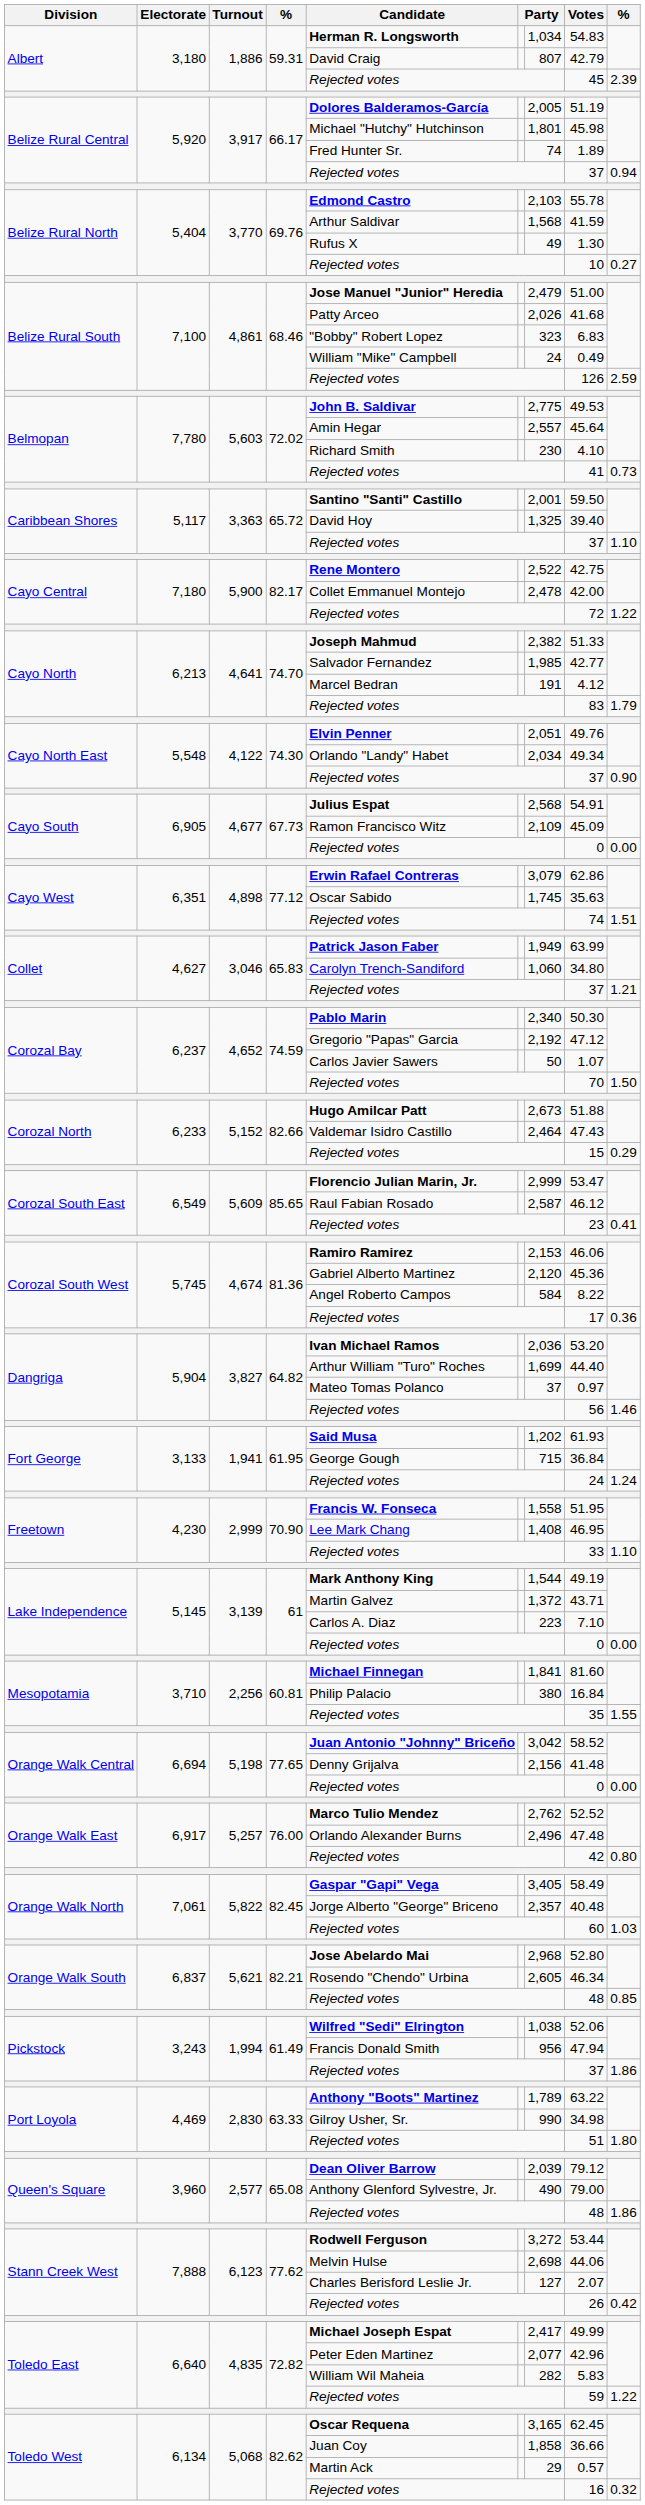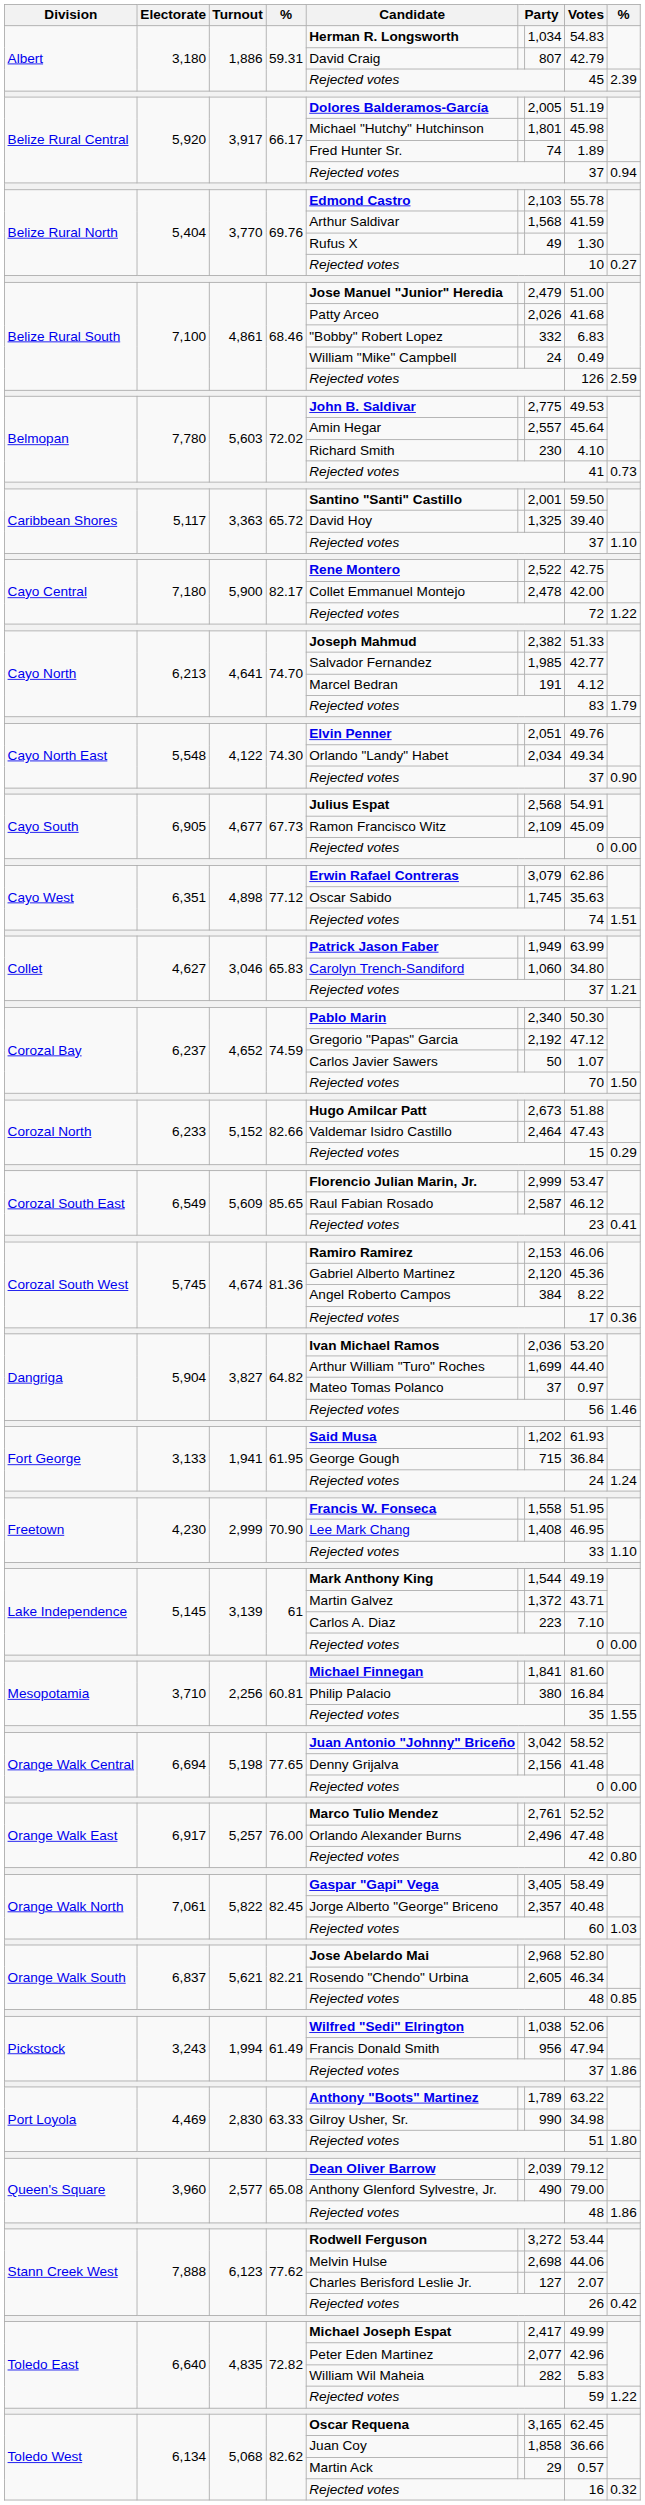 <table class=wikitable>
 <tr>
 <th>Division</th>
 <th>Electorate</th>
 <th>Turnout</th>
 <th>%</th>
 <th>Candidate</th>
 <th colspan=2>Party</th>
 <th>Votes</th>
 <th>%</th>
 </tr>
 <tr>
 <td rowspan=3><a href='#'>Albert</a></td>
 <td rowspan=3 align=right>3,180</td>
 <td rowspan=3 align=right>1,886</td>
 <td rowspan=3 align=right>59.31</td>
 <td><strong>Herman R. Longsworth</strong></td>
 <td></td>
 <td align=right>1,034</td>
 <td align=right>54.83</td>
 </tr>
 <tr>
 <td>David Craig</td>
 <td></td>
 <td align=right>807</td>
 <td align=right>42.79</td>
 </tr>
 <tr>
 <td colspan=3><em>Rejected votes</em></td>
 <td align=right>45</td>
 <td align=right>2.39</td>
 </tr>
 <tr>
 <th colspan=9></th>
 </tr>
 <tr>
 <td rowspan=4><a href='#'>Belize Rural Central</a></td>
 <td rowspan=4 align=right>5,920</td>
 <td rowspan=4 align=right>3,917</td>
 <td rowspan=4 align=right>66.17</td>
 <td><strong><a href='#'>Dolores Balderamos-García</a></strong></td>
 <td></td>
 <td align=right>2,005</td>
 <td align=right>51.19</td>
 </tr>
 <tr>
 <td>Michael "Hutchy" Hutchinson</td>
 <td></td>
 <td align=right>1,801</td>
 <td align=right>45.98</td>
 </tr>
 <tr>
 <td>Fred Hunter Sr.</td>
 <td></td>
 <td align=right>74</td>
 <td align=right>1.89</td>
 </tr>
 <tr>
 <td colspan=3><em>Rejected votes</em></td>
 <td align=right>37</td>
 <td align=right>0.94</td>
 </tr>
 <tr>
 <th colspan=9></th>
 </tr>
 <tr>
 <td rowspan=4><a href='#'>Belize Rural North</a></td>
 <td rowspan=4 align=right>5,404</td>
 <td rowspan=4 align=right>3,770</td>
 <td rowspan=4 align=right>69.76</td>
 <td><strong><a href='#'>Edmond Castro</a></strong></td>
 <td></td>
 <td align=right>2,103</td>
 <td align=right>55.78</td>
 </tr>
 <tr>
 <td>Arthur Saldivar</td>
 <td></td>
 <td align=right>1,568</td>
 <td align=right>41.59</td>
 </tr>
 <tr>
 <td>Rufus X</td>
 <td></td>
 <td align=right>49</td>
 <td align=right>1.30</td>
 </tr>
 <tr>
 <td colspan=3><em>Rejected votes</em></td>
 <td align=right>10</td>
 <td align=right>0.27</td>
 </tr>
 <tr>
 <th colspan=9></th>
 </tr>
 <tr>
 <td rowspan=5><a href='#'>Belize Rural South</a></td>
 <td rowspan=5 align=right>7,100</td>
 <td rowspan=5 align=right>4,861</td>
 <td rowspan=5 align=right>68.46</td>
 <td><strong>Jose Manuel "Junior" Heredia</strong></td>
 <td></td>
 <td align=right>2,479</td>
 <td align=right>51.00</td>
 </tr>
 <tr>
 <td>Patty Arceo</td>
 <td></td>
 <td align=right>2,026</td>
 <td align=right>41.68</td>
 </tr>
 <tr>
 <td>"Bobby" Robert Lopez</td>
 <td></td>
-<td align=right>323</td>
+<td align=right>332</td>
 <td align=right>6.83</td>
 </tr>
 <tr>
 <td>William "Mike" Campbell</td>
 <td></td>
 <td align=right>24</td>
 <td align=right>0.49</td>
 </tr>
 <tr>
 <td colspan=3><em>Rejected votes</em></td>
 <td align=right>126</td>
 <td align=right>2.59</td>
 </tr>
 <tr>
 <th colspan=9></th>
 </tr>
 <tr>
 <td rowspan=4><a href='#'>Belmopan</a></td>
 <td rowspan=4 align=right>7,780</td>
 <td rowspan=4 align=right>5,603</td>
 <td rowspan=4 align=right>72.02</td>
 <td><strong><a href='#'>John B. Saldivar</a></strong></td>
 <td></td>
 <td align=right>2,775</td>
 <td align=right>49.53</td>
 </tr>
 <tr>
 <td>Amin Hegar</td>
 <td></td>
 <td align=right>2,557</td>
 <td align=right>45.64</td>
 </tr>
 <tr>
 <td>Richard Smith</td>
 <td></td>
 <td align=right>230</td>
 <td align=right>4.10</td>
 </tr>
 <tr>
 <td colspan=3><em>Rejected votes</em></td>
 <td align=right>41</td>
 <td align=right>0.73</td>
 </tr>
 <tr>
 <th colspan=9></th>
 </tr>
 <tr>
 <td rowspan=3><a href='#'>Caribbean Shores</a></td>
 <td rowspan=3 align=right>5,117</td>
 <td rowspan=3 align=right>3,363</td>
 <td rowspan=3 align=right>65.72</td>
 <td><strong>Santino "Santi" Castillo</strong></td>
 <td></td>
 <td align=right>2,001</td>
 <td align=right>59.50</td>
 </tr>
 <tr>
 <td>David Hoy</td>
 <td></td>
 <td align=right>1,325</td>
 <td align=right>39.40</td>
 </tr>
 <tr>
 <td colspan=3><em>Rejected votes</em></td>
 <td align=right>37</td>
 <td align=right>1.10</td>
 </tr>
 <tr>
 <th colspan=9></th>
 </tr>
 <tr>
 <td rowspan=3><a href='#'>Cayo Central</a></td>
 <td rowspan=3 align=right>7,180</td>
 <td rowspan=3 align=right>5,900</td>
 <td rowspan=3 align=right>82.17</td>
 <td><strong><a href='#'>Rene Montero</a></strong></td>
 <td></td>
 <td align=right>2,522</td>
 <td align=right>42.75</td>
 </tr>
 <tr>
 <td>Collet Emmanuel Montejo</td>
 <td></td>
 <td align=right>2,478</td>
 <td align=right>42.00</td>
 </tr>
 <tr>
 <td colspan=3><em>Rejected votes</em></td>
 <td align=right>72</td>
 <td align=right>1.22</td>
 </tr>
 <tr>
 <th colspan=9></th>
 </tr>
 <tr>
 <td rowspan=4><a href='#'>Cayo North</a></td>
 <td rowspan=4 align=right>6,213</td>
 <td rowspan=4 align=right>4,641</td>
 <td rowspan=4 align=right>74.70</td>
 <td><strong>Joseph Mahmud</strong></td>
 <td></td>
 <td align=right>2,382</td>
 <td align=right>51.33</td>
 </tr>
 <tr>
 <td>Salvador Fernandez</td>
 <td></td>
 <td align=right>1,985</td>
 <td align=right>42.77</td>
 </tr>
 <tr>
 <td>Marcel Bedran</td>
 <td></td>
 <td align=right>191</td>
 <td align=right>4.12</td>
 </tr>
 <tr>
 <td colspan=3><em>Rejected votes</em></td>
 <td align=right>83</td>
 <td align=right>1.79</td>
 </tr>
 <tr>
 <th colspan=9></th>
 </tr>
 <tr>
 <td rowspan=3><a href='#'>Cayo North East</a></td>
 <td rowspan=3 align=right>5,548</td>
 <td rowspan=3 align=right>4,122</td>
 <td rowspan=3 align=right>74.30</td>
 <td><strong><a href='#'>Elvin Penner</a></strong></td>
 <td></td>
 <td align=right>2,051</td>
 <td align=right>49.76</td>
 </tr>
 <tr>
 <td>Orlando "Landy" Habet</td>
 <td></td>
 <td align=right>2,034</td>
 <td align=right>49.34</td>
 </tr>
 <tr>
 <td colspan=3><em>Rejected votes</em></td>
 <td align=right>37</td>
 <td align=right>0.90</td>
 </tr>
 <tr>
 <th colspan=9></th>
 </tr>
 <tr>
 <td rowspan=3><a href='#'>Cayo South</a></td>
 <td rowspan=3 align=right>6,905</td>
 <td rowspan=3 align=right>4,677</td>
 <td rowspan=3 align=right>67.73</td>
 <td><strong>Julius Espat</strong></td>
 <td></td>
 <td align=right>2,568</td>
 <td align=right>54.91</td>
 </tr>
 <tr>
 <td>Ramon Francisco Witz</td>
 <td></td>
 <td align=right>2,109</td>
 <td align=right>45.09</td>
 </tr>
 <tr>
 <td colspan=3><em>Rejected votes</em></td>
 <td align=right>0</td>
 <td align=right>0.00</td>
 </tr>
 <tr>
 <th colspan=9></th>
 </tr>
 <tr>
 <td rowspan=3><a href='#'>Cayo West</a></td>
 <td rowspan=3 align=right>6,351</td>
 <td rowspan=3 align=right>4,898</td>
 <td rowspan=3 align=right>77.12</td>
 <td><strong><a href='#'>Erwin Rafael Contreras</a></strong></td>
 <td></td>
 <td align=right>3,079</td>
 <td align=right>62.86</td>
 </tr>
 <tr>
 <td>Oscar Sabido</td>
 <td></td>
 <td align=right>1,745</td>
 <td align=right>35.63</td>
 </tr>
 <tr>
 <td colspan=3><em>Rejected votes</em></td>
 <td align=right>74</td>
 <td align=right>1.51</td>
 </tr>
 <tr>
 <th colspan=9></th>
 </tr>
 <tr>
 <td rowspan=3><a href='#'>Collet</a></td>
 <td rowspan=3 align=right>4,627</td>
 <td rowspan=3 align=right>3,046</td>
 <td rowspan=3 align=right>65.83</td>
 <td><strong><a href='#'>Patrick Jason Faber</a></strong></td>
 <td></td>
 <td align=right>1,949</td>
 <td align=right>63.99</td>
 </tr>
 <tr>
 <td><a href='#'>Carolyn Trench-Sandiford</a></td>
 <td></td>
 <td align=right>1,060</td>
 <td align=right>34.80</td>
 </tr>
 <tr>
 <td colspan=3><em>Rejected votes</em></td>
 <td align=right>37</td>
 <td align=right>1.21</td>
 </tr>
 <tr>
 <th colspan=9></th>
 </tr>
 <tr>
 <td rowspan=4><a href='#'>Corozal Bay</a></td>
 <td rowspan=4 align=right>6,237</td>
 <td rowspan=4 align=right>4,652</td>
 <td rowspan=4 align=right>74.59</td>
 <td><strong><a href='#'>Pablo Marin</a></strong></td>
 <td></td>
 <td align=right>2,340</td>
 <td align=right>50.30</td>
 </tr>
 <tr>
 <td>Gregorio "Papas" Garcia</td>
 <td></td>
 <td align=right>2,192</td>
 <td align=right>47.12</td>
 </tr>
 <tr>
 <td>Carlos Javier Sawers</td>
 <td></td>
 <td align=right>50</td>
 <td align=right>1.07</td>
 </tr>
 <tr>
 <td colspan=3><em>Rejected votes</em></td>
 <td align=right>70</td>
 <td align=right>1.50</td>
 </tr>
 <tr>
 <th colspan=9></th>
 </tr>
 <tr>
 <td rowspan=3><a href='#'>Corozal North</a></td>
 <td rowspan=3 align=right>6,233</td>
 <td rowspan=3 align=right>5,152</td>
 <td rowspan=3 align=right>82.66</td>
 <td><strong>Hugo Amilcar Patt</strong></td>
 <td></td>
 <td align=right>2,673</td>
 <td align=right>51.88</td>
 </tr>
 <tr>
 <td>Valdemar Isidro Castillo</td>
 <td></td>
 <td align=right>2,464</td>
 <td align=right>47.43</td>
 </tr>
 <tr>
 <td colspan=3><em>Rejected votes</em></td>
 <td align=right>15</td>
 <td align=right>0.29</td>
 </tr>
 <tr>
 <th colspan=9></th>
 </tr>
 <tr>
 <td rowspan=3><a href='#'>Corozal South East</a></td>
 <td rowspan=3 align=right>6,549</td>
 <td rowspan=3 align=right>5,609</td>
 <td rowspan=3 align=right>85.65</td>
 <td><strong>Florencio Julian Marin, Jr.</strong></td>
 <td></td>
 <td align=right>2,999</td>
 <td align=right>53.47</td>
 </tr>
 <tr>
 <td>Raul Fabian Rosado</td>
 <td></td>
 <td align=right>2,587</td>
 <td align=right>46.12</td>
 </tr>
 <tr>
 <td colspan=3><em>Rejected votes</em></td>
 <td align=right>23</td>
 <td align=right>0.41</td>
 </tr>
 <tr>
 <th colspan=9></th>
 </tr>
 <tr>
 <td rowspan=4><a href='#'>Corozal South West</a></td>
 <td rowspan=4 align=right>5,745</td>
 <td rowspan=4 align=right>4,674</td>
 <td rowspan=4 align=right>81.36</td>
 <td><strong>Ramiro Ramirez</strong></td>
 <td></td>
 <td align=right>2,153</td>
 <td align=right>46.06</td>
 </tr>
 <tr>
 <td>Gabriel Alberto Martinez</td>
 <td></td>
 <td align=right>2,120</td>
 <td align=right>45.36</td>
 </tr>
 <tr>
 <td>Angel Roberto Campos</td>
 <td></td>
-<td align=right>584</td>
+<td align=right>384</td>
 <td align=right>8.22</td>
 </tr>
 <tr>
 <td colspan=3><em>Rejected votes</em></td>
 <td align=right>17</td>
 <td align=right>0.36</td>
 </tr>
 <tr>
 <th colspan=9></th>
 </tr>
 <tr>
 <td rowspan=4><a href='#'>Dangriga</a></td>
 <td rowspan=4 align=right>5,904</td>
 <td rowspan=4 align=right>3,827</td>
 <td rowspan=4 align=right>64.82</td>
 <td><strong>Ivan Michael Ramos</strong></td>
 <td></td>
 <td align=right>2,036</td>
 <td align=right>53.20</td>
 </tr>
 <tr>
 <td>Arthur William "Turo" Roches</td>
 <td></td>
 <td align=right>1,699</td>
 <td align=right>44.40</td>
 </tr>
 <tr>
 <td>Mateo Tomas Polanco</td>
 <td></td>
 <td align=right>37</td>
 <td align=right>0.97</td>
 </tr>
 <tr>
 <td colspan=3><em>Rejected votes</em></td>
 <td align=right>56</td>
 <td align=right>1.46</td>
 </tr>
 <tr>
 <th colspan=9></th>
 </tr>
 <tr>
 <td rowspan=3><a href='#'>Fort George</a></td>
 <td rowspan=3 align=right>3,133</td>
 <td rowspan=3 align=right>1,941</td>
 <td rowspan=3 align=right>61.95</td>
 <td><strong><a href='#'>Said Musa</a></strong></td>
 <td></td>
 <td align=right>1,202</td>
 <td align=right>61.93</td>
 </tr>
 <tr>
 <td>George Gough</td>
 <td></td>
 <td align=right>715</td>
 <td align=right>36.84</td>
 </tr>
 <tr>
 <td colspan=3><em>Rejected votes</em></td>
 <td align=right>24</td>
 <td align=right>1.24</td>
 </tr>
 <tr>
 <th colspan=9></th>
 </tr>
 <tr>
 <td rowspan=3><a href='#'>Freetown</a></td>
 <td rowspan=3 align=right>4,230</td>
 <td rowspan=3 align=right>2,999</td>
 <td rowspan=3 align=right>70.90</td>
 <td><strong><a href='#'>Francis W. Fonseca</a></strong></td>
 <td></td>
 <td align=right>1,558</td>
 <td align=right>51.95</td>
 </tr>
 <tr>
 <td><a href='#'>Lee Mark Chang</a></td>
 <td></td>
 <td align=right>1,408</td>
 <td align=right>46.95</td>
 </tr>
 <tr>
 <td colspan=3><em>Rejected votes</em></td>
 <td align=right>33</td>
 <td align=right>1.10</td>
 </tr>
 <tr>
 <th colspan=9></th>
 </tr>
 <tr>
 <td rowspan=4><a href='#'>Lake Independence</a></td>
 <td rowspan=4 align=right>5,145</td>
 <td rowspan=4 align=right>3,139</td>
 <td rowspan=4 align=right>61</td>
 <td><strong>Mark Anthony King</strong></td>
 <td></td>
 <td align=right>1,544</td>
 <td align=right>49.19</td>
 </tr>
 <tr>
 <td>Martin Galvez</td>
 <td></td>
 <td align=right>1,372</td>
 <td align=right>43.71</td>
 </tr>
 <tr>
 <td>Carlos A. Diaz</td>
 <td></td>
 <td align=right>223</td>
 <td align=right>7.10</td>
 </tr>
 <tr>
 <td colspan=3><em>Rejected votes</em></td>
 <td align=right>0</td>
 <td align=right>0.00</td>
 </tr>
 <tr>
 <th colspan=9></th>
 </tr>
 <tr>
 <td rowspan=3><a href='#'>Mesopotamia</a></td>
 <td rowspan=3 align=right>3,710</td>
 <td rowspan=3 align=right>2,256</td>
 <td rowspan=3 align=right>60.81</td>
 <td><strong><a href='#'>Michael Finnegan</a></strong></td>
 <td></td>
 <td align=right>1,841</td>
 <td align=right>81.60</td>
 </tr>
 <tr>
 <td>Philip Palacio</td>
 <td></td>
 <td align=right>380</td>
 <td align=right>16.84</td>
 </tr>
 <tr>
 <td colspan=3><em>Rejected votes</em></td>
 <td align=right>35</td>
 <td align=right>1.55</td>
 </tr>
 <tr>
 <th colspan=9></th>
 </tr>
 <tr>
 <td rowspan=3><a href='#'>Orange Walk Central</a></td>
 <td rowspan=3 align=right>6,694</td>
 <td rowspan=3 align=right>5,198</td>
 <td rowspan=3 align=right>77.65</td>
 <td><strong><a href='#'>Juan Antonio "Johnny" Briceño</a></strong></td>
 <td></td>
 <td align=right>3,042</td>
 <td align=right>58.52</td>
 </tr>
 <tr>
 <td>Denny Grijalva</td>
 <td></td>
 <td align=right>2,156</td>
 <td align=right>41.48</td>
 </tr>
 <tr>
 <td colspan=3><em>Rejected votes</em></td>
 <td align=right>0</td>
 <td align=right>0.00</td>
 </tr>
 <tr>
 <th colspan=9></th>
 </tr>
 <tr>
 <td rowspan=3><a href='#'>Orange Walk East</a></td>
 <td rowspan=3 align=right>6,917</td>
 <td rowspan=3 align=right>5,257</td>
 <td rowspan=3 align=right>76.00</td>
 <td><strong>Marco Tulio Mendez</strong></td>
 <td></td>
-<td align=right>2,762</td>
+<td align=right>2,761</td>
 <td align=right>52.52</td>
 </tr>
 <tr>
 <td>Orlando Alexander Burns</td>
 <td></td>
 <td align=right>2,496</td>
 <td align=right>47.48</td>
 </tr>
 <tr>
 <td colspan=3><em>Rejected votes</em></td>
 <td align=right>42</td>
 <td align=right>0.80</td>
 </tr>
 <tr>
 <th colspan=9></th>
 </tr>
 <tr>
 <td rowspan=3><a href='#'>Orange Walk North</a></td>
 <td rowspan=3 align=right>7,061</td>
 <td rowspan=3 align=right>5,822</td>
 <td rowspan=3 align=right>82.45</td>
 <td><strong><a href='#'>Gaspar "Gapi" Vega</a></strong></td>
 <td></td>
 <td align=right>3,405</td>
 <td align=right>58.49</td>
 </tr>
 <tr>
 <td>Jorge Alberto "George" Briceno</td>
 <td></td>
 <td align=right>2,357</td>
 <td align=right>40.48</td>
 </tr>
 <tr>
 <td colspan=3><em>Rejected votes</em></td>
 <td align=right>60</td>
 <td align=right>1.03</td>
 </tr>
 <tr>
 <th colspan=9></th>
 </tr>
 <tr>
 <td rowspan=3><a href='#'>Orange Walk South</a></td>
 <td rowspan=3 align=right>6,837</td>
 <td rowspan=3 align=right>5,621</td>
 <td rowspan=3 align=right>82.21</td>
 <td><strong>Jose Abelardo Mai</strong></td>
 <td></td>
 <td align=right>2,968</td>
 <td align=right>52.80</td>
 </tr>
 <tr>
 <td>Rosendo "Chendo" Urbina</td>
 <td></td>
 <td align=right>2,605</td>
 <td align=right>46.34</td>
 </tr>
 <tr>
 <td colspan=3><em>Rejected votes</em></td>
 <td align=right>48</td>
 <td align=right>0.85</td>
 </tr>
 <tr>
 <th colspan=9></th>
 </tr>
 <tr>
 <td rowspan=3><a href='#'>Pickstock</a></td>
 <td rowspan=3 align=right>3,243</td>
 <td rowspan=3 align=right>1,994</td>
 <td rowspan=3 align=right>61.49</td>
 <td><strong><a href='#'>Wilfred "Sedi" Elrington</a></strong></td>
 <td></td>
 <td align=right>1,038</td>
 <td align=right>52.06</td>
 </tr>
 <tr>
 <td>Francis Donald Smith</td>
 <td></td>
 <td align=right>956</td>
 <td align=right>47.94</td>
 </tr>
 <tr>
 <td colspan=3><em>Rejected votes</em></td>
 <td align=right>37</td>
 <td align=right>1.86</td>
 </tr>
 <tr>
 <th colspan=9></th>
 </tr>
 <tr>
 <td rowspan=3><a href='#'>Port Loyola</a></td>
 <td rowspan=3 align=right>4,469</td>
 <td rowspan=3 align=right>2,830</td>
 <td rowspan=3 align=right>63.33</td>
 <td><strong><a href='#'>Anthony "Boots" Martinez</a></strong></td>
 <td></td>
 <td align=right>1,789</td>
 <td align=right>63.22</td>
 </tr>
 <tr>
 <td>Gilroy Usher, Sr.</td>
 <td></td>
 <td align=right>990</td>
 <td align=right>34.98</td>
 </tr>
 <tr>
 <td colspan=3><em>Rejected votes</em></td>
 <td align=right>51</td>
 <td align=right>1.80</td>
 </tr>
 <tr>
 <th colspan=9></th>
 </tr>
 <tr>
 <td rowspan=3><a href='#'>Queen's Square</a></td>
 <td rowspan=3 align=right>3,960</td>
 <td rowspan=3 align=right>2,577</td>
 <td rowspan=3 align=right>65.08</td>
 <td><strong><a href='#'>Dean Oliver Barrow</a></strong></td>
 <td></td>
 <td align=right>2,039</td>
 <td align=right>79.12</td>
 </tr>
 <tr>
 <td>Anthony Glenford Sylvestre, Jr.</td>
 <td></td>
 <td align=right>490</td>
 <td align=right>79.00</td>
 </tr>
 <tr>
 <td colspan=3><em>Rejected votes</em></td>
 <td align=right>48</td>
 <td align=right>1.86</td>
 </tr>
 <tr>
 <th colspan=9></th>
 </tr>
 <tr>
 <td rowspan=4><a href='#'>Stann Creek West</a></td>
 <td rowspan=4 align=right>7,888</td>
 <td rowspan=4 align=right>6,123</td>
 <td rowspan=4 align=right>77.62</td>
 <td><strong>Rodwell Ferguson</strong></td>
 <td></td>
 <td align=right>3,272</td>
 <td align=right>53.44</td>
 </tr>
 <tr>
 <td>Melvin Hulse</td>
 <td></td>
 <td align=right>2,698</td>
 <td align=right>44.06</td>
 </tr>
 <tr>
 <td>Charles Berisford Leslie Jr.</td>
 <td></td>
 <td align=right>127</td>
 <td align=right>2.07</td>
 </tr>
 <tr>
 <td colspan=3><em>Rejected votes</em></td>
 <td align=right>26</td>
 <td align=right>0.42</td>
 </tr>
 <tr>
 <th colspan=9></th>
 </tr>
 <tr>
 <td rowspan=4><a href='#'>Toledo East</a></td>
 <td rowspan=4 align=right>6,640</td>
 <td rowspan=4 align=right>4,835</td>
 <td rowspan=4 align=right>72.82</td>
 <td><strong>Michael Joseph Espat</strong></td>
 <td></td>
 <td align=right>2,417</td>
 <td align=right>49.99</td>
 </tr>
 <tr>
 <td>Peter Eden Martinez</td>
 <td></td>
 <td align=right>2,077</td>
 <td align=right>42.96</td>
 </tr>
 <tr>
 <td>William Wil Maheia</td>
 <td></td>
 <td align=right>282</td>
 <td align=right>5.83</td>
 </tr>
 <tr>
 <td colspan=3><em>Rejected votes</em></td>
 <td align=right>59</td>
 <td align=right>1.22</td>
 </tr>
 <tr>
 <th colspan=9></th>
 </tr>
 <tr>
 <td rowspan=4><a href='#'>Toledo West</a></td>
 <td rowspan=4 align=right>6,134</td>
 <td rowspan=4 align=right>5,068</td>
 <td rowspan=4 align=right>82.62</td>
 <td><strong>Oscar Requena</strong></td>
 <td></td>
 <td align=right>3,165</td>
 <td align=right>62.45</td>
 </tr>
 <tr>
 <td>Juan Coy</td>
 <td></td>
 <td align=right>1,858</td>
 <td align=right>36.66</td>
 </tr>
 <tr>
 <td>Martin Ack</td>
 <td></td>
 <td align=right>29</td>
 <td align=right>0.57</td>
 </tr>
 <tr>
 <td colspan=3><em>Rejected votes</em></td>
 <td align=right>16</td>
 <td align=right>0.32</td>
 </tr>
 </table>
